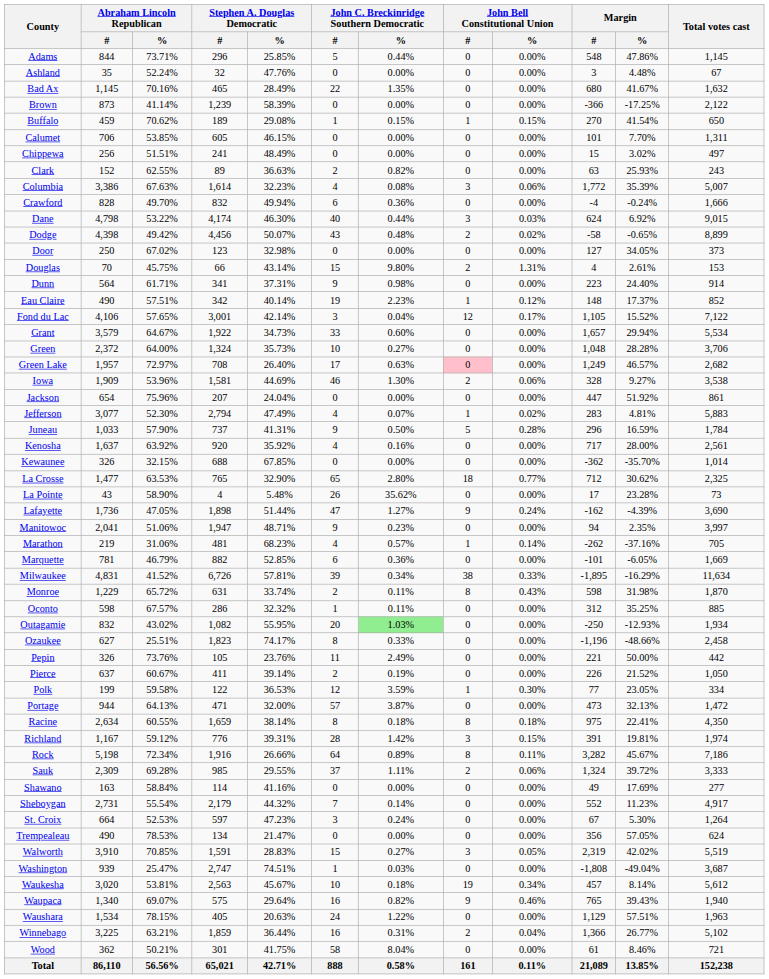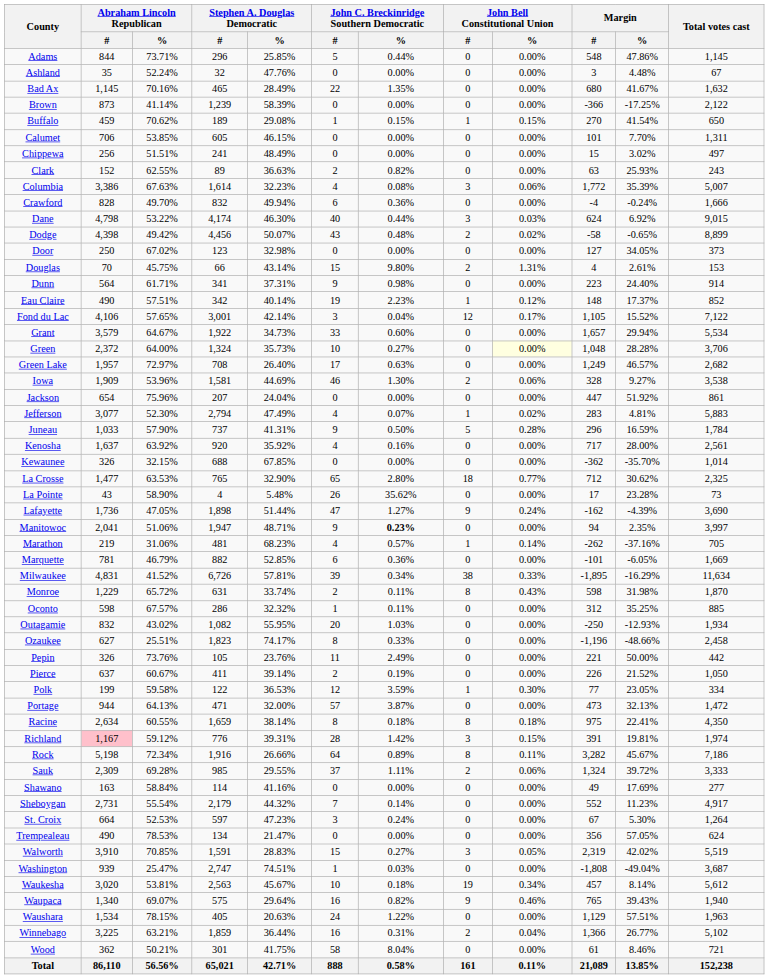 <table width="75%" class="wikitable sortable" style="text-align:center">
 <tr>
 <th rowspan="2" style="text-align:center;">County</th>
 <th colspan="2" style="text-align:center;"><a href='#'>Abraham Lincoln</a><br>Republican</th>
 <th colspan="2" style="text-align:center;"><a href='#'>Stephen A. Douglas</a><br>Democratic</th>
 <th colspan="2" style="text-align:center;"><a href='#'>John C. Breckinridge</a><br>Southern Democratic</th>
 <th colspan="2" style="text-align:center;"><a href='#'>John Bell</a><br>Constitutional Union</th>
 <th colspan="2" style="text-align:center;">Margin</th>
 <th rowspan="2" style="text-align:center;">Total votes cast</th>
 </tr>
 <tr>
 <th style="text-align:center;" data-sort-type="number">#</th>
 <th style="text-align:center;" data-sort-type="number">%</th>
 <th style="text-align:center;" data-sort-type="number">#</th>
 <th style="text-align:center;" data-sort-type="number">%</th>
 <th style="text-align:center;" data-sort-type="number">#</th>
 <th style="text-align:center;" data-sort-type="number">%</th>
 <th style="text-align:center;" data-sort-type="number">#</th>
 <th style="text-align:center;" data-sort-type="number">%</th>
 <th style="text-align:center;" data-sort-type="number">#</th>
 <th style="text-align:center;" data-sort-type="number">%</th>
 </tr>
 <tr style="text-align:center;">
 <td><a href='#'>Adams</a></td>
 <td>844</td>
 <td>73.71%</td>
 <td>296</td>
 <td>25.85%</td>
 <td>5</td>
 <td>0.44%</td>
 <td>0</td>
 <td>0.00%</td>
 <td>548</td>
 <td>47.86%</td>
 <td>1,145</td>
 </tr>
 <tr style="text-align:center;">
 <td><a href='#'>Ashland</a></td>
 <td>35</td>
 <td>52.24%</td>
 <td>32</td>
 <td>47.76%</td>
 <td>0</td>
 <td>0.00%</td>
 <td>0</td>
 <td>0.00%</td>
 <td>3</td>
 <td>4.48%</td>
 <td>67</td>
 </tr>
 <tr style="text-align:center;">
 <td><a href='#'>Bad Ax</a></td>
 <td>1,145</td>
 <td>70.16%</td>
 <td>465</td>
 <td>28.49%</td>
 <td>22</td>
 <td>1.35%</td>
 <td>0</td>
 <td>0.00%</td>
 <td>680</td>
 <td>41.67%</td>
 <td>1,632</td>
 </tr>
 <tr style="text-align:center;">
 <td><a href='#'>Brown</a></td>
 <td>873</td>
 <td>41.14%</td>
 <td>1,239</td>
 <td>58.39%</td>
 <td>0</td>
 <td>0.00%</td>
 <td>0</td>
 <td>0.00%</td>
 <td>-366</td>
 <td>-17.25%</td>
 <td>2,122</td>
 </tr>
 <tr style="text-align:center;">
 <td><a href='#'>Buffalo</a></td>
 <td>459</td>
 <td>70.62%</td>
 <td>189</td>
 <td>29.08%</td>
 <td>1</td>
 <td>0.15%</td>
 <td>1</td>
 <td>0.15%</td>
 <td>270</td>
 <td>41.54%</td>
 <td>650</td>
 </tr>
 <tr style="text-align:center;">
 <td><a href='#'>Calumet</a></td>
 <td>706</td>
 <td>53.85%</td>
 <td>605</td>
 <td>46.15%</td>
 <td>0</td>
 <td>0.00%</td>
 <td>0</td>
 <td>0.00%</td>
 <td>101</td>
 <td>7.70%</td>
 <td>1,311</td>
 </tr>
 <tr style="text-align:center;">
 <td><a href='#'>Chippewa</a></td>
 <td>256</td>
 <td>51.51%</td>
 <td>241</td>
 <td>48.49%</td>
 <td>0</td>
 <td>0.00%</td>
 <td>0</td>
 <td>0.00%</td>
 <td>15</td>
 <td>3.02%</td>
 <td>497</td>
 </tr>
 <tr style="text-align:center;">
 <td><a href='#'>Clark</a></td>
 <td>152</td>
 <td>62.55%</td>
 <td>89</td>
 <td>36.63%</td>
 <td>2</td>
 <td>0.82%</td>
 <td>0</td>
 <td>0.00%</td>
 <td>63</td>
 <td>25.93%</td>
 <td>243</td>
 </tr>
 <tr style="text-align:center;">
 <td><a href='#'>Columbia</a></td>
 <td>3,386</td>
 <td>67.63%</td>
 <td>1,614</td>
 <td>32.23%</td>
 <td>4</td>
 <td>0.08%</td>
 <td>3</td>
 <td>0.06%</td>
 <td>1,772</td>
 <td>35.39%</td>
 <td>5,007</td>
 </tr>
 <tr style="text-align:center;">
 <td><a href='#'>Crawford</a></td>
 <td>828</td>
 <td>49.70%</td>
 <td>832</td>
 <td>49.94%</td>
 <td>6</td>
 <td>0.36%</td>
 <td>0</td>
 <td>0.00%</td>
 <td>-4</td>
 <td>-0.24%</td>
 <td>1,666</td>
 </tr>
 <tr style="text-align:center;">
 <td><a href='#'>Dane</a></td>
 <td>4,798</td>
 <td>53.22%</td>
 <td>4,174</td>
 <td>46.30%</td>
 <td>40</td>
 <td>0.44%</td>
 <td>3</td>
 <td>0.03%</td>
 <td>624</td>
 <td>6.92%</td>
 <td>9,015</td>
 </tr>
 <tr style="text-align:center;">
 <td><a href='#'>Dodge</a></td>
 <td>4,398</td>
 <td>49.42%</td>
 <td>4,456</td>
 <td>50.07%</td>
 <td>43</td>
 <td>0.48%</td>
 <td>2</td>
 <td>0.02%</td>
 <td>-58</td>
 <td>-0.65%</td>
 <td>8,899</td>
 </tr>
 <tr style="text-align:center;">
 <td><a href='#'>Door</a></td>
 <td>250</td>
 <td>67.02%</td>
 <td>123</td>
 <td>32.98%</td>
 <td>0</td>
 <td>0.00%</td>
 <td>0</td>
 <td>0.00%</td>
 <td>127</td>
 <td>34.05%</td>
 <td>373</td>
 </tr>
 <tr style="text-align:center;">
 <td><a href='#'>Douglas</a></td>
 <td>70</td>
 <td>45.75%</td>
 <td>66</td>
 <td>43.14%</td>
 <td>15</td>
 <td>9.80%</td>
 <td>2</td>
 <td>1.31%</td>
 <td>4</td>
 <td>2.61%</td>
 <td>153</td>
 </tr>
 <tr style="text-align:center;">
 <td><a href='#'>Dunn</a></td>
 <td>564</td>
 <td>61.71%</td>
 <td>341</td>
 <td>37.31%</td>
 <td>9</td>
 <td>0.98%</td>
 <td>0</td>
 <td>0.00%</td>
 <td>223</td>
 <td>24.40%</td>
 <td>914</td>
 </tr>
 <tr style="text-align:center;">
 <td><a href='#'>Eau Claire</a></td>
 <td>490</td>
 <td>57.51%</td>
 <td>342</td>
 <td>40.14%</td>
 <td>19</td>
 <td>2.23%</td>
 <td>1</td>
 <td>0.12%</td>
 <td>148</td>
 <td>17.37%</td>
 <td>852</td>
 </tr>
 <tr style="text-align:center;">
 <td><a href='#'>Fond du Lac</a></td>
 <td>4,106</td>
 <td>57.65%</td>
 <td>3,001</td>
 <td>42.14%</td>
 <td>3</td>
 <td>0.04%</td>
 <td>12</td>
 <td>0.17%</td>
 <td>1,105</td>
 <td>15.52%</td>
 <td>7,122</td>
 </tr>
 <tr style="text-align:center;">
 <td><a href='#'>Grant</a></td>
 <td>3,579</td>
 <td>64.67%</td>
 <td>1,922</td>
 <td>34.73%</td>
 <td>33</td>
 <td>0.60%</td>
 <td>0</td>
 <td>0.00%</td>
 <td>1,657</td>
 <td>29.94%</td>
 <td>5,534</td>
 </tr>
 <tr style="text-align:center;">
 <td><a href='#'>Green</a></td>
 <td>2,372</td>
 <td>64.00%</td>
 <td>1,324</td>
 <td>35.73%</td>
 <td>10</td>
 <td>0.27%</td>
 <td>0</td>
-<td>0.00%</td>
+<td style="background: lightyellow;">0.00%</td>
 <td>1,048</td>
 <td>28.28%</td>
 <td>3,706</td>
 </tr>
 <tr style="text-align:center;">
 <td><a href='#'>Green Lake</a></td>
 <td>1,957</td>
 <td>72.97%</td>
 <td>708</td>
 <td>26.40%</td>
 <td>17</td>
 <td>0.63%</td>
-<td style="background: pink;">0</td>
+<td>0</td>
 <td>0.00%</td>
 <td>1,249</td>
 <td>46.57%</td>
 <td>2,682</td>
 </tr>
 <tr style="text-align:center;">
 <td><a href='#'>Iowa</a></td>
 <td>1,909</td>
 <td>53.96%</td>
 <td>1,581</td>
 <td>44.69%</td>
 <td>46</td>
 <td>1.30%</td>
 <td>2</td>
 <td>0.06%</td>
 <td>328</td>
 <td>9.27%</td>
 <td>3,538</td>
 </tr>
 <tr style="text-align:center;">
 <td><a href='#'>Jackson</a></td>
 <td>654</td>
 <td>75.96%</td>
 <td>207</td>
 <td>24.04%</td>
 <td>0</td>
 <td>0.00%</td>
 <td>0</td>
 <td>0.00%</td>
 <td>447</td>
 <td>51.92%</td>
 <td>861</td>
 </tr>
 <tr style="text-align:center;">
 <td><a href='#'>Jefferson</a></td>
 <td>3,077</td>
 <td>52.30%</td>
 <td>2,794</td>
 <td>47.49%</td>
 <td>4</td>
 <td>0.07%</td>
 <td>1</td>
 <td>0.02%</td>
 <td>283</td>
 <td>4.81%</td>
 <td>5,883</td>
 </tr>
 <tr style="text-align:center;">
 <td><a href='#'>Juneau</a></td>
 <td>1,033</td>
 <td>57.90%</td>
 <td>737</td>
 <td>41.31%</td>
 <td>9</td>
 <td>0.50%</td>
 <td>5</td>
 <td>0.28%</td>
 <td>296</td>
 <td>16.59%</td>
 <td>1,784</td>
 </tr>
 <tr style="text-align:center;">
 <td><a href='#'>Kenosha</a></td>
 <td>1,637</td>
 <td>63.92%</td>
 <td>920</td>
 <td>35.92%</td>
 <td>4</td>
 <td>0.16%</td>
 <td>0</td>
 <td>0.00%</td>
 <td>717</td>
 <td>28.00%</td>
 <td>2,561</td>
 </tr>
 <tr style="text-align:center;">
 <td><a href='#'>Kewaunee</a></td>
 <td>326</td>
 <td>32.15%</td>
 <td>688</td>
 <td>67.85%</td>
 <td>0</td>
 <td>0.00%</td>
 <td>0</td>
 <td>0.00%</td>
 <td>-362</td>
 <td>-35.70%</td>
 <td>1,014</td>
 </tr>
 <tr style="text-align:center;">
 <td><a href='#'>La Crosse</a></td>
 <td>1,477</td>
 <td>63.53%</td>
 <td>765</td>
 <td>32.90%</td>
 <td>65</td>
 <td>2.80%</td>
 <td>18</td>
 <td>0.77%</td>
 <td>712</td>
 <td>30.62%</td>
 <td>2,325</td>
 </tr>
 <tr style="text-align:center;">
 <td><a href='#'>La Pointe</a></td>
 <td>43</td>
 <td>58.90%</td>
 <td>4</td>
 <td>5.48%</td>
 <td>26</td>
 <td>35.62%</td>
 <td>0</td>
 <td>0.00%</td>
 <td>17</td>
 <td>23.28%</td>
 <td>73</td>
 </tr>
 <tr style="text-align:center;">
 <td><a href='#'>Lafayette</a></td>
 <td>1,736</td>
 <td>47.05%</td>
 <td>1,898</td>
 <td>51.44%</td>
 <td>47</td>
 <td>1.27%</td>
 <td>9</td>
 <td>0.24%</td>
 <td>-162</td>
 <td>-4.39%</td>
 <td>3,690</td>
 </tr>
 <tr style="text-align:center;">
 <td><a href='#'>Manitowoc</a></td>
 <td>2,041</td>
 <td>51.06%</td>
 <td>1,947</td>
 <td>48.71%</td>
 <td>9</td>
-<td>0.23%</td>
+<td><strong>0.23%</strong></td>
 <td>0</td>
 <td>0.00%</td>
 <td>94</td>
 <td>2.35%</td>
 <td>3,997</td>
 </tr>
 <tr style="text-align:center;">
 <td><a href='#'>Marathon</a></td>
 <td>219</td>
 <td>31.06%</td>
 <td>481</td>
 <td>68.23%</td>
 <td>4</td>
 <td>0.57%</td>
 <td>1</td>
 <td>0.14%</td>
 <td>-262</td>
 <td>-37.16%</td>
 <td>705</td>
 </tr>
 <tr style="text-align:center;">
 <td><a href='#'>Marquette</a></td>
 <td>781</td>
 <td>46.79%</td>
 <td>882</td>
 <td>52.85%</td>
 <td>6</td>
 <td>0.36%</td>
 <td>0</td>
 <td>0.00%</td>
 <td>-101</td>
 <td>-6.05%</td>
 <td>1,669</td>
 </tr>
 <tr style="text-align:center;">
 <td><a href='#'>Milwaukee</a></td>
 <td>4,831</td>
 <td>41.52%</td>
 <td>6,726</td>
 <td>57.81%</td>
 <td>39</td>
 <td>0.34%</td>
 <td>38</td>
 <td>0.33%</td>
 <td>-1,895</td>
 <td>-16.29%</td>
 <td>11,634</td>
 </tr>
 <tr style="text-align:center;">
 <td><a href='#'>Monroe</a></td>
 <td>1,229</td>
 <td>65.72%</td>
 <td>631</td>
 <td>33.74%</td>
 <td>2</td>
 <td>0.11%</td>
 <td>8</td>
 <td>0.43%</td>
 <td>598</td>
 <td>31.98%</td>
 <td>1,870</td>
 </tr>
 <tr style="text-align:center;">
 <td><a href='#'>Oconto</a></td>
 <td>598</td>
 <td>67.57%</td>
 <td>286</td>
 <td>32.32%</td>
 <td>1</td>
 <td>0.11%</td>
 <td>0</td>
 <td>0.00%</td>
 <td>312</td>
 <td>35.25%</td>
 <td>885</td>
 </tr>
 <tr style="text-align:center;">
 <td><a href='#'>Outagamie</a></td>
 <td>832</td>
 <td>43.02%</td>
 <td>1,082</td>
 <td>55.95%</td>
 <td>20</td>
-<td style="background: lightgreen;">1.03%</td>
+<td>1.03%</td>
 <td>0</td>
 <td>0.00%</td>
 <td>-250</td>
 <td>-12.93%</td>
 <td>1,934</td>
 </tr>
 <tr style="text-align:center;">
 <td><a href='#'>Ozaukee</a></td>
 <td>627</td>
 <td>25.51%</td>
 <td>1,823</td>
 <td>74.17%</td>
 <td>8</td>
 <td>0.33%</td>
 <td>0</td>
 <td>0.00%</td>
 <td>-1,196</td>
 <td>-48.66%</td>
 <td>2,458</td>
 </tr>
 <tr style="text-align:center;">
 <td><a href='#'>Pepin</a></td>
 <td>326</td>
 <td>73.76%</td>
 <td>105</td>
 <td>23.76%</td>
 <td>11</td>
 <td>2.49%</td>
 <td>0</td>
 <td>0.00%</td>
 <td>221</td>
 <td>50.00%</td>
 <td>442</td>
 </tr>
 <tr style="text-align:center;">
 <td><a href='#'>Pierce</a></td>
 <td>637</td>
 <td>60.67%</td>
 <td>411</td>
 <td>39.14%</td>
 <td>2</td>
 <td>0.19%</td>
 <td>0</td>
 <td>0.00%</td>
 <td>226</td>
 <td>21.52%</td>
 <td>1,050</td>
 </tr>
 <tr style="text-align:center;">
 <td><a href='#'>Polk</a></td>
 <td>199</td>
 <td>59.58%</td>
 <td>122</td>
 <td>36.53%</td>
 <td>12</td>
 <td>3.59%</td>
 <td>1</td>
 <td>0.30%</td>
 <td>77</td>
 <td>23.05%</td>
 <td>334</td>
 </tr>
 <tr style="text-align:center;">
 <td><a href='#'>Portage</a></td>
 <td>944</td>
 <td>64.13%</td>
 <td>471</td>
 <td>32.00%</td>
 <td>57</td>
 <td>3.87%</td>
 <td>0</td>
 <td>0.00%</td>
 <td>473</td>
 <td>32.13%</td>
 <td>1,472</td>
 </tr>
 <tr style="text-align:center;">
 <td><a href='#'>Racine</a></td>
 <td>2,634</td>
 <td>60.55%</td>
 <td>1,659</td>
 <td>38.14%</td>
 <td>8</td>
 <td>0.18%</td>
 <td>8</td>
 <td>0.18%</td>
 <td>975</td>
 <td>22.41%</td>
 <td>4,350</td>
 </tr>
 <tr style="text-align:center;">
 <td><a href='#'>Richland</a></td>
-<td>1,167</td>
+<td style="background: pink;">1,167</td>
 <td>59.12%</td>
 <td>776</td>
 <td>39.31%</td>
 <td>28</td>
 <td>1.42%</td>
 <td>3</td>
 <td>0.15%</td>
 <td>391</td>
 <td>19.81%</td>
 <td>1,974</td>
 </tr>
 <tr style="text-align:center;">
 <td><a href='#'>Rock</a></td>
 <td>5,198</td>
 <td>72.34%</td>
 <td>1,916</td>
 <td>26.66%</td>
 <td>64</td>
 <td>0.89%</td>
 <td>8</td>
 <td>0.11%</td>
 <td>3,282</td>
 <td>45.67%</td>
 <td>7,186</td>
 </tr>
 <tr style="text-align:center;">
 <td><a href='#'>Sauk</a></td>
 <td>2,309</td>
 <td>69.28%</td>
 <td>985</td>
 <td>29.55%</td>
 <td>37</td>
 <td>1.11%</td>
 <td>2</td>
 <td>0.06%</td>
 <td>1,324</td>
 <td>39.72%</td>
 <td>3,333</td>
 </tr>
 <tr style="text-align:center;">
 <td><a href='#'>Shawano</a></td>
 <td>163</td>
 <td>58.84%</td>
 <td>114</td>
 <td>41.16%</td>
 <td>0</td>
 <td>0.00%</td>
 <td>0</td>
 <td>0.00%</td>
 <td>49</td>
 <td>17.69%</td>
 <td>277</td>
 </tr>
 <tr style="text-align:center;">
 <td><a href='#'>Sheboygan</a></td>
 <td>2,731</td>
 <td>55.54%</td>
 <td>2,179</td>
 <td>44.32%</td>
 <td>7</td>
 <td>0.14%</td>
 <td>0</td>
 <td>0.00%</td>
 <td>552</td>
 <td>11.23%</td>
 <td>4,917</td>
 </tr>
 <tr style="text-align:center;">
 <td><a href='#'>St. Croix</a></td>
 <td>664</td>
 <td>52.53%</td>
 <td>597</td>
 <td>47.23%</td>
 <td>3</td>
 <td>0.24%</td>
 <td>0</td>
 <td>0.00%</td>
 <td>67</td>
 <td>5.30%</td>
 <td>1,264</td>
 </tr>
 <tr style="text-align:center;">
 <td><a href='#'>Trempealeau</a></td>
 <td>490</td>
 <td>78.53%</td>
 <td>134</td>
 <td>21.47%</td>
 <td>0</td>
 <td>0.00%</td>
 <td>0</td>
 <td>0.00%</td>
 <td>356</td>
 <td>57.05%</td>
 <td>624</td>
 </tr>
 <tr style="text-align:center;">
 <td><a href='#'>Walworth</a></td>
 <td>3,910</td>
 <td>70.85%</td>
 <td>1,591</td>
 <td>28.83%</td>
 <td>15</td>
 <td>0.27%</td>
 <td>3</td>
 <td>0.05%</td>
 <td>2,319</td>
 <td>42.02%</td>
 <td>5,519</td>
 </tr>
 <tr style="text-align:center;">
 <td><a href='#'>Washington</a></td>
 <td>939</td>
 <td>25.47%</td>
 <td>2,747</td>
 <td>74.51%</td>
 <td>1</td>
 <td>0.03%</td>
 <td>0</td>
 <td>0.00%</td>
 <td>-1,808</td>
 <td>-49.04%</td>
 <td>3,687</td>
 </tr>
 <tr style="text-align:center;">
 <td><a href='#'>Waukesha</a></td>
 <td>3,020</td>
 <td>53.81%</td>
 <td>2,563</td>
 <td>45.67%</td>
 <td>10</td>
 <td>0.18%</td>
 <td>19</td>
 <td>0.34%</td>
 <td>457</td>
 <td>8.14%</td>
 <td>5,612</td>
 </tr>
 <tr style="text-align:center;">
 <td><a href='#'>Waupaca</a></td>
 <td>1,340</td>
 <td>69.07%</td>
 <td>575</td>
 <td>29.64%</td>
 <td>16</td>
 <td>0.82%</td>
 <td>9</td>
 <td>0.46%</td>
 <td>765</td>
 <td>39.43%</td>
 <td>1,940</td>
 </tr>
 <tr style="text-align:center;">
 <td><a href='#'>Waushara</a></td>
 <td>1,534</td>
 <td>78.15%</td>
 <td>405</td>
 <td>20.63%</td>
 <td>24</td>
 <td>1.22%</td>
 <td>0</td>
 <td>0.00%</td>
 <td>1,129</td>
 <td>57.51%</td>
 <td>1,963</td>
 </tr>
 <tr style="text-align:center;">
 <td><a href='#'>Winnebago</a></td>
 <td>3,225</td>
 <td>63.21%</td>
 <td>1,859</td>
 <td>36.44%</td>
 <td>16</td>
 <td>0.31%</td>
 <td>2</td>
 <td>0.04%</td>
 <td>1,366</td>
 <td>26.77%</td>
 <td>5,102</td>
 </tr>
 <tr style="text-align:center;">
 <td><a href='#'>Wood</a></td>
 <td>362</td>
 <td>50.21%</td>
 <td>301</td>
 <td>41.75%</td>
 <td>58</td>
 <td>8.04%</td>
 <td>0</td>
 <td>0.00%</td>
 <td>61</td>
 <td>8.46%</td>
 <td>721</td>
 </tr>
 <tr>
 <th>Total</th>
 <th>86,110</th>
 <th>56.56%</th>
 <th>65,021</th>
 <th>42.71%</th>
 <th>888</th>
 <th>0.58%</th>
 <th>161</th>
 <th>0.11%</th>
 <th>21,089</th>
 <th>13.85%</th>
 <th>152,238</th>
 </tr>
 </table>
